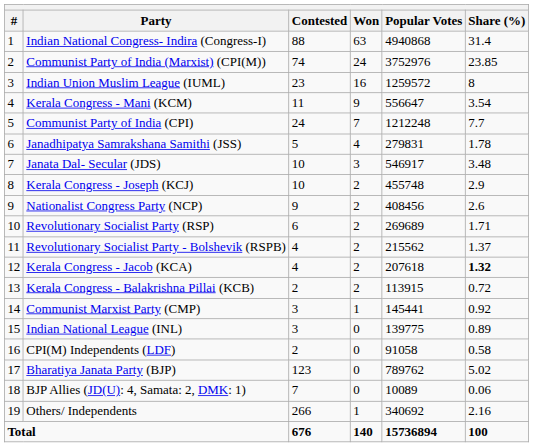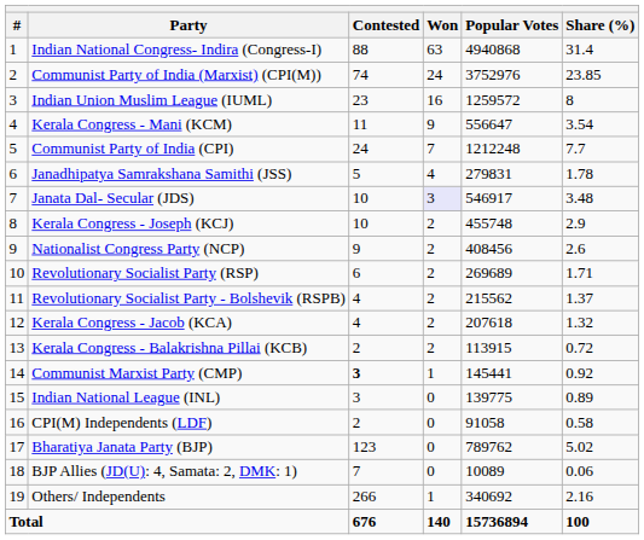 <table class="wikitable sortable">
 <tr>
 <th colspan=10></th>
 </tr>
 <tr>
 <th>#</th>
 <th>Party</th>
 <th>Contested</th>
 <th>Won</th>
 <th>Popular Votes</th>
 <th>Share (%)</th>
 </tr>
 <tr>
 <td>1</td>
 <td><a href='#'>Indian National Congress- Indira</a>  (Congress-I)</td>
 <td>88</td>
 <td>63</td>
 <td>4940868</td>
 <td>31.4</td>
 </tr>
 <tr>
 <td>2</td>
 <td><a href='#'>Communist Party of India (Marxist)</a> (CPI(M))</td>
 <td>74</td>
 <td>24</td>
 <td>3752976</td>
 <td>23.85</td>
 </tr>
 <tr>
 <td>3</td>
 <td><a href='#'>Indian Union Muslim League</a>  (IUML)</td>
 <td>23</td>
 <td>16</td>
 <td>1259572</td>
 <td>8</td>
 </tr>
 <tr>
 <td>4</td>
 <td><a href='#'>Kerala Congress - Mani</a> (KCM)</td>
 <td>11</td>
 <td>9</td>
 <td>556647</td>
 <td>3.54</td>
 </tr>
 <tr>
 <td>5</td>
 <td><a href='#'>Communist Party of India</a> (CPI)</td>
 <td>24</td>
 <td>7</td>
 <td>1212248</td>
 <td>7.7</td>
 </tr>
 <tr>
 <td>6</td>
 <td><a href='#'>Janadhipatya Samrakshana Samithi</a>  (JSS)</td>
 <td>5</td>
 <td>4</td>
 <td>279831</td>
 <td>1.78</td>
 </tr>
 <tr>
 <td>7</td>
 <td><a href='#'>Janata Dal- Secular</a> (JDS)</td>
 <td>10</td>
-<td>3</td>
+<td style="background: lavender;">3</td>
 <td>546917</td>
 <td>3.48</td>
 </tr>
 <tr>
 <td>8</td>
 <td><a href='#'>Kerala Congress - Joseph</a> (KCJ)</td>
 <td>10</td>
 <td>2</td>
 <td>455748</td>
 <td>2.9</td>
 </tr>
 <tr>
 <td>9</td>
 <td><a href='#'>Nationalist Congress Party</a> (NCP)</td>
 <td>9</td>
 <td>2</td>
 <td>408456</td>
 <td>2.6</td>
 </tr>
 <tr>
 <td>10</td>
 <td><a href='#'>Revolutionary Socialist Party</a>  (RSP)</td>
 <td>6</td>
 <td>2</td>
 <td>269689</td>
 <td>1.71</td>
 </tr>
 <tr>
 <td>11</td>
 <td><a href='#'>Revolutionary Socialist Party - Bolshevik</a> (RSPB)</td>
 <td>4</td>
 <td>2</td>
 <td>215562</td>
 <td>1.37</td>
 </tr>
 <tr>
 <td>12</td>
 <td><a href='#'>Kerala Congress - Jacob</a> (KCA)</td>
 <td>4</td>
 <td>2</td>
 <td>207618</td>
-<td><strong>1.32</strong></td>
+<td>1.32</td>
 </tr>
 <tr>
 <td>13</td>
 <td><a href='#'>Kerala Congress - Balakrishna Pillai</a> (KCB)</td>
 <td>2</td>
 <td>2</td>
 <td>113915</td>
 <td>0.72</td>
 </tr>
 <tr>
 <td>14</td>
 <td><a href='#'>Communist Marxist Party</a> (CMP)</td>
-<td>3</td>
+<td><strong>3</strong></td>
 <td>1</td>
 <td>145441</td>
 <td>0.92</td>
 </tr>
 <tr>
 <td>15</td>
 <td><a href='#'>Indian National League</a> (INL)</td>
 <td>3</td>
 <td>0</td>
 <td>139775</td>
 <td>0.89</td>
 </tr>
 <tr>
 <td>16</td>
 <td>CPI(M) Independents (<a href='#'>LDF</a>)</td>
 <td>2</td>
 <td>0</td>
 <td>91058</td>
 <td>0.58</td>
 </tr>
 <tr>
 <td>17</td>
 <td><a href='#'>Bharatiya Janata Party</a> (BJP)</td>
 <td>123</td>
 <td>0</td>
 <td>789762</td>
 <td>5.02</td>
 </tr>
 <tr>
 <td>18</td>
 <td>BJP Allies (<a href='#'>JD(U)</a>: 4, Samata: 2,  <a href='#'>DMK</a>: 1)</td>
 <td>7</td>
 <td>0</td>
 <td>10089</td>
 <td>0.06</td>
 </tr>
 <tr>
 <td>19</td>
 <td>Others/ Independents</td>
 <td>266</td>
 <td>1</td>
 <td>340692</td>
 <td>2.16</td>
 </tr>
 <tr>
 <td colspan="2"><strong>Total</strong></td>
 <td><strong>676</strong></td>
 <td><strong>140</strong></td>
 <td><strong>15736894</strong></td>
 <td><strong>100</strong></td>
 </tr>
 </table>
